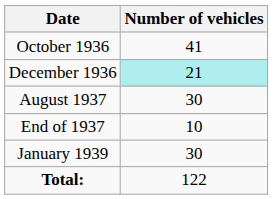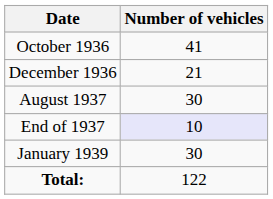 <table class="wikitable" style="float: right; margin-left: 1em; margin-bottom: 1em; text-align: center;" summary="Summary of Panzer Is sent to Spain between 1936 and 1939">
 <tr>
 <th>Date</th>
 <th>Number of vehicles</th>
 </tr>
 <tr>
 <td>October 1936</td>
 <td>41</td>
 </tr>
 <tr>
 <td>December 1936</td>
-<td style="background: paleturquoise;">21</td>
+<td>21</td>
 </tr>
 <tr>
 <td>August 1937</td>
 <td>30</td>
 </tr>
 <tr>
 <td>End of 1937</td>
-<td>10</td>
+<td style="background: lavender;">10</td>
 </tr>
 <tr>
 <td>January 1939</td>
 <td>30</td>
 </tr>
 <tr>
 <td><strong>Total:</strong></td>
 <td>122</td>
 </tr>
 </table>
